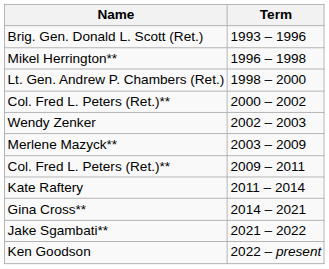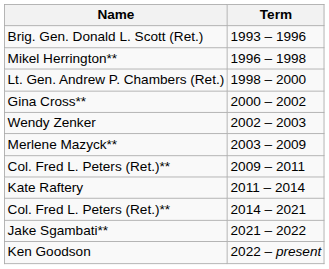 <table class= "wikitable">
 <tr>
 <th>Name</th>
 <th>Term</th>
 </tr>
 <tr>
 <td>Brig. Gen. Donald L. Scott (Ret.)</td>
 <td>1993 – 1996</td>
 </tr>
 <tr>
 <td>Mikel Herrington**</td>
 <td>1996 – 1998</td>
 </tr>
 <tr>
 <td>Lt. Gen. Andrew P. Chambers (Ret.)</td>
 <td>1998 – 2000</td>
 </tr>
 <tr>
-<td>Col. Fred L. Peters (Ret.)**</td>
+<td>Gina Cross**</td>
 <td>2000 – 2002</td>
 </tr>
 <tr>
 <td>Wendy Zenker</td>
 <td>2002 – 2003</td>
 </tr>
 <tr>
 <td>Merlene Mazyck**</td>
 <td>2003 – 2009</td>
 </tr>
 <tr>
 <td>Col. Fred L. Peters (Ret.)**</td>
 <td>2009 – 2011</td>
 </tr>
 <tr>
 <td>Kate Raftery</td>
 <td>2011 – 2014</td>
 </tr>
 <tr>
-<td>Gina Cross**</td>
+<td>Col. Fred L. Peters (Ret.)**</td>
 <td>2014 – 2021</td>
 </tr>
 <tr>
 <td>Jake Sgambati**</td>
 <td>2021 – 2022</td>
 </tr>
 <tr>
 <td>Ken Goodson</td>
 <td>2022 – <em>present</em></td>
 </tr>
 </table>
